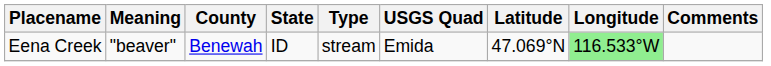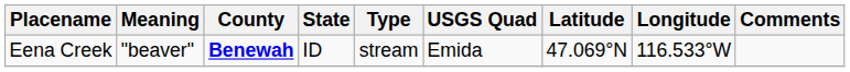 <table align=center class="wikitable">
 <tr>
 <th>Placename</th>
 <th>Meaning</th>
 <th>County</th>
 <th>State</th>
 <th>Type</th>
 <th>USGS Quad</th>
 <th>Latitude</th>
 <th>Longitude</th>
 <th>Comments</th>
 </tr>
 <tr>
 <td>Eena Creek</td>
 <td>"beaver"</td>
-<td><a href='#'>Benewah</a></td>
+<td><strong><a href='#'>Benewah</a></strong></td>
 <td>ID</td>
 <td>stream</td>
 <td>Emida</td>
 <td>47.069°N</td>
-<td style="background: lightgreen;">116.533°W</td>
+<td>116.533°W</td>
 <td></td>
 </tr>
 <tr>
 </tr>
 </table>
